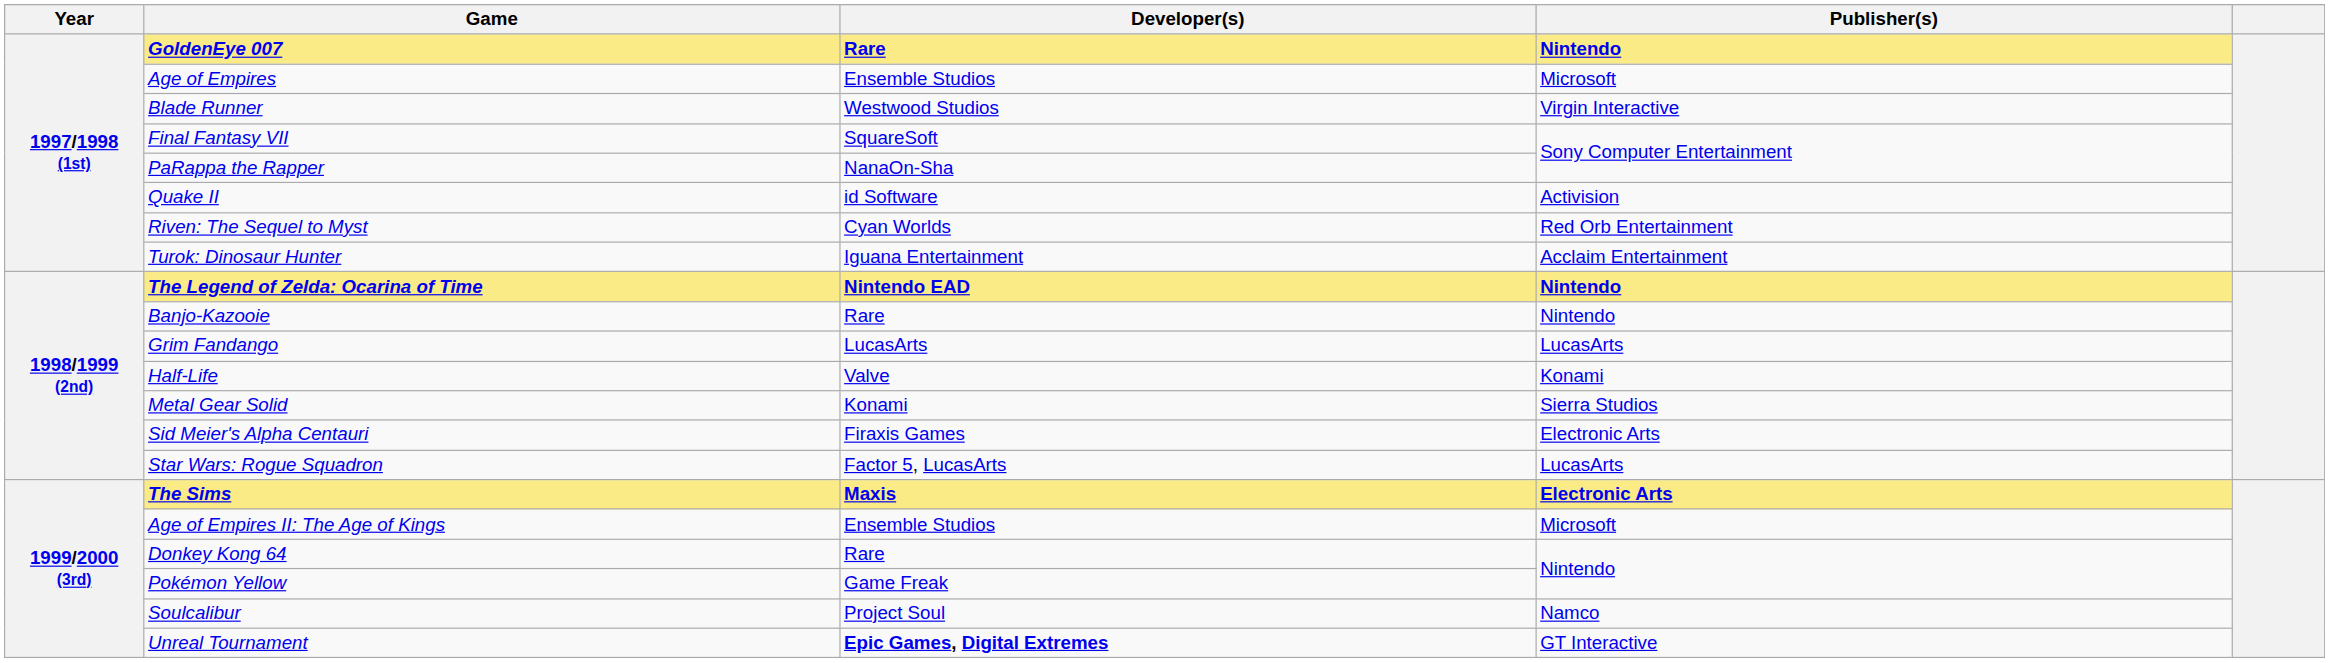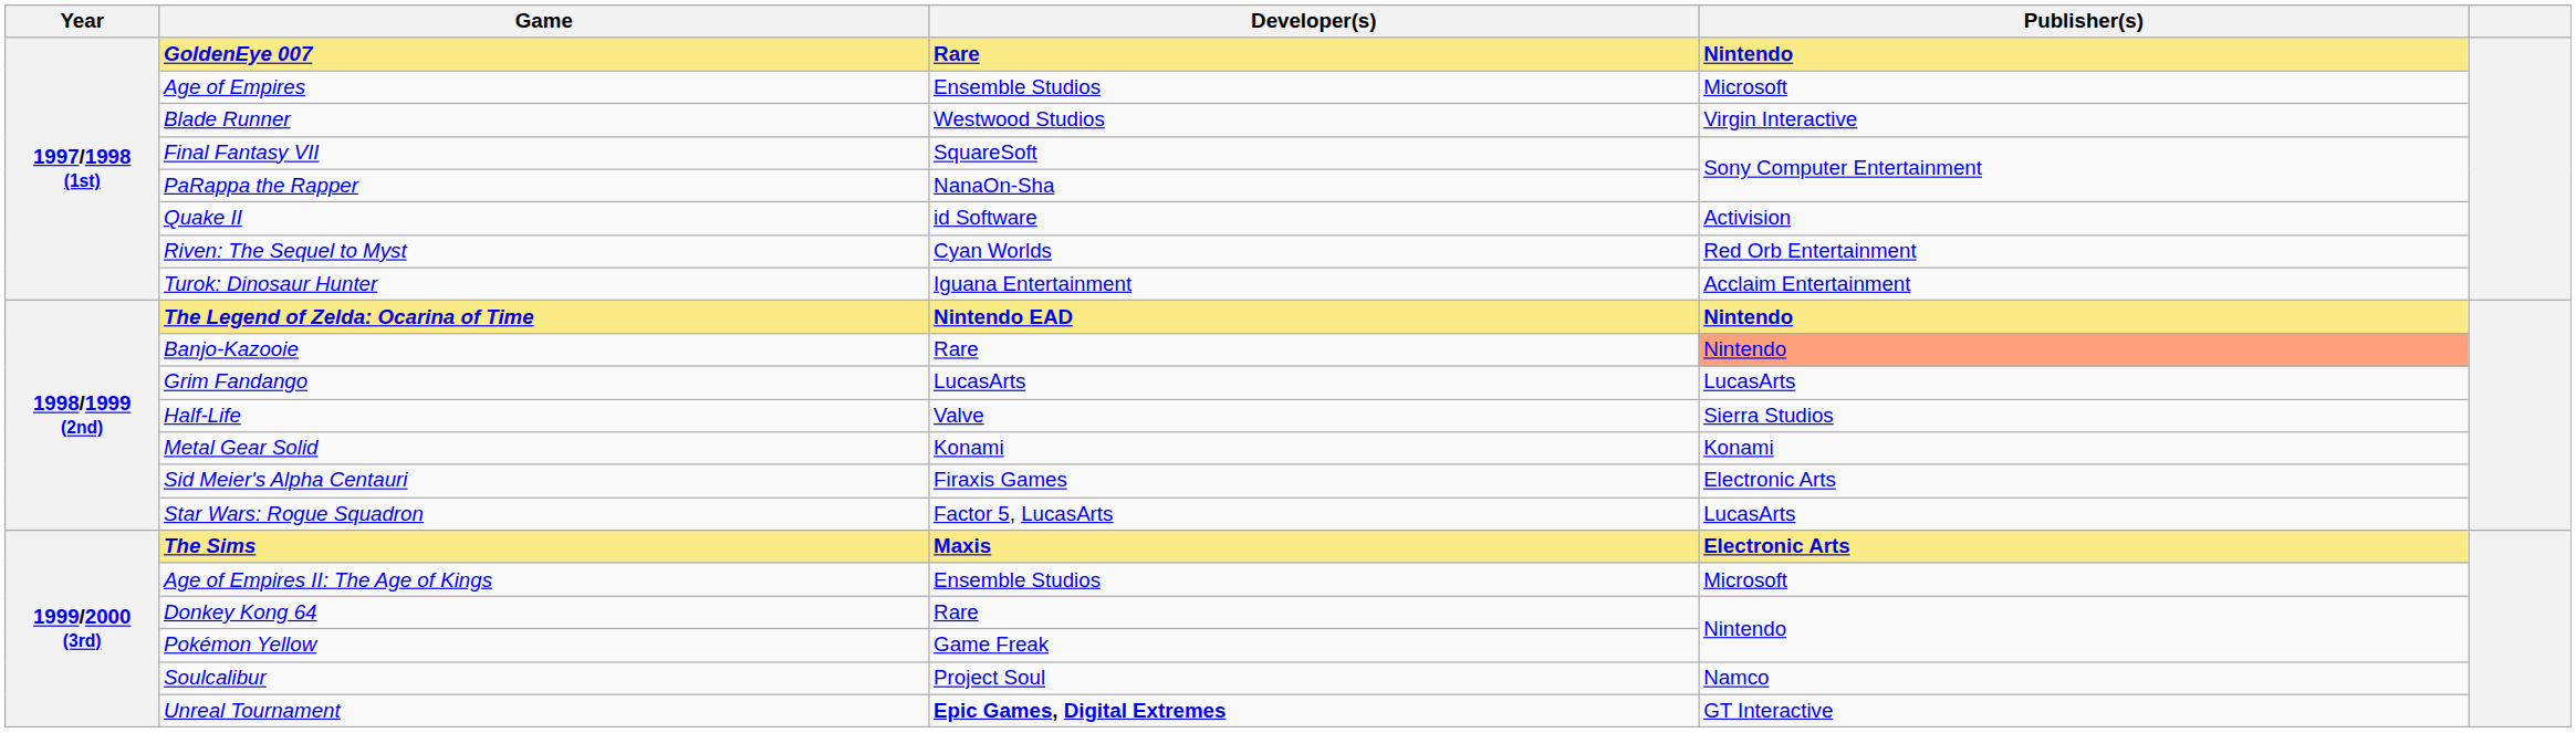 <table class="wikitable sortable" rowspan=2 style="width:100%;;">
 <tr style="background:#bebebe;">
 <th scope="col" style="width:6%;">Year</th>
 <th scope="col" style="width:30%;">Game</th>
 <th scope="col" style="width:30%;">Developer(s)</th>
 <th scope="col" style="width:30%;">Publisher(s)</th>
 <th scope="col" style="width:4%;" class="unsortable"></th>
 </tr>
 <tr>
 <th scope="row" rowspan="8" style="text-align:center"><a href='#'>1997</a>/<a href='#'>1998</a> <br><small><a href='#'>(1st)</a> </small></th>
 <td style="background:#FAEB86"><strong><em><a href='#'>GoldenEye 007</a></em></strong></td>
 <td style="background:#FAEB86"><strong><a href='#'>Rare</a></strong></td>
 <td style="background:#FAEB86"><strong><a href='#'>Nintendo</a></strong></td>
 <th scope="row" rowspan="8" style="text-align;center;"><br></th>
 </tr>
 <tr>
 <td><em><a href='#'>Age of Empires</a></em></td>
 <td><a href='#'>Ensemble Studios</a></td>
 <td><a href='#'>Microsoft</a></td>
 </tr>
 <tr>
 <td><em><a href='#'>Blade Runner</a></em></td>
 <td><a href='#'>Westwood Studios</a></td>
 <td><a href='#'>Virgin Interactive</a></td>
 </tr>
 <tr>
 <td><em><a href='#'>Final Fantasy VII</a></em></td>
 <td><a href='#'>SquareSoft</a></td>
 <td rowspan="2"><a href='#'>Sony Computer Entertainment</a></td>
 </tr>
 <tr>
 <td><em><a href='#'>PaRappa the Rapper</a></em></td>
 <td><a href='#'>NanaOn-Sha</a></td>
 </tr>
 <tr>
 <td><em><a href='#'>Quake II</a></em></td>
 <td><a href='#'>id Software</a></td>
 <td><a href='#'>Activision</a></td>
 </tr>
 <tr>
 <td><em><a href='#'>Riven: The Sequel to Myst</a></em></td>
 <td><a href='#'>Cyan Worlds</a></td>
 <td><a href='#'>Red Orb Entertainment</a></td>
 </tr>
 <tr>
 <td><em><a href='#'>Turok: Dinosaur Hunter</a></em></td>
 <td><a href='#'>Iguana Entertainment</a></td>
 <td><a href='#'>Acclaim Entertainment</a></td>
 </tr>
 <tr>
 <th scope="row" rowspan="7" style="text-align:center"><a href='#'>1998</a>/<a href='#'>1999</a> <br><small><a href='#'>(2nd)</a> </small></th>
 <td style="background:#FAEB86"><strong><em><a href='#'>The Legend of Zelda: Ocarina of Time</a></em></strong></td>
 <td style="background:#FAEB86"><strong><a href='#'>Nintendo EAD</a></strong></td>
 <td style="background:#FAEB86"><strong><a href='#'>Nintendo</a></strong></td>
 <th scope="row" rowspan="7" style="text-align;center;"></th>
 </tr>
 <tr>
 <td><em><a href='#'>Banjo-Kazooie</a></em></td>
 <td><a href='#'>Rare</a></td>
-<td><a href='#'>Nintendo</a></td>
+<td style="background: lightsalmon;"><a href='#'>Nintendo</a></td>
 </tr>
 <tr>
 <td><em><a href='#'>Grim Fandango</a></em></td>
 <td><a href='#'>LucasArts</a></td>
 <td><a href='#'>LucasArts</a></td>
 </tr>
 <tr>
 <td><em><a href='#'>Half-Life</a></em></td>
 <td><a href='#'>Valve</a></td>
-<td><a href='#'>Konami</a></td>
+<td><a href='#'>Sierra Studios</a></td>
 </tr>
 <tr>
 <td><em><a href='#'>Metal Gear Solid</a></em></td>
 <td><a href='#'>Konami</a></td>
-<td><a href='#'>Sierra Studios</a></td>
+<td><a href='#'>Konami</a></td>
 </tr>
 <tr>
 <td><em><a href='#'>Sid Meier's Alpha Centauri</a></em></td>
 <td><a href='#'>Firaxis Games</a></td>
 <td><a href='#'>Electronic Arts</a></td>
 </tr>
 <tr>
 <td><em><a href='#'>Star Wars: Rogue Squadron</a></em></td>
 <td><a href='#'>Factor 5</a>, <a href='#'>LucasArts</a></td>
 <td><a href='#'>LucasArts</a></td>
 </tr>
 <tr>
 <th scope="row" rowspan="6" style="text-align:center"><a href='#'>1999</a>/<a href='#'>2000</a> <br><small><a href='#'>(3rd)</a> </small></th>
 <td style="background:#FAEB86"><strong><em><a href='#'>The Sims</a></em></strong></td>
 <td style="background:#FAEB86"><strong><a href='#'>Maxis</a></strong></td>
 <td style="background:#FAEB86"><strong><a href='#'>Electronic Arts</a></strong></td>
 <th scope="row" rowspan="6" style="text-align;center;"></th>
 </tr>
 <tr>
 <td><em><a href='#'>Age of Empires II: The Age of Kings</a></em></td>
 <td><a href='#'>Ensemble Studios</a></td>
 <td><a href='#'>Microsoft</a></td>
 </tr>
 <tr>
 <td><em><a href='#'>Donkey Kong 64</a></em></td>
 <td><a href='#'>Rare</a></td>
 <td rowspan="2"><a href='#'>Nintendo</a></td>
 </tr>
 <tr>
 <td><em><a href='#'>Pokémon Yellow</a></em></td>
 <td><a href='#'>Game Freak</a></td>
 </tr>
 <tr>
 <td><em><a href='#'>Soulcalibur</a></em></td>
 <td><a href='#'>Project Soul</a></td>
 <td><a href='#'>Namco</a></td>
 </tr>
 <tr>
 <td><em><a href='#'>Unreal Tournament</a></em></td>
 <td><strong><a href='#'>Epic Games</a>, <a href='#'>Digital Extremes</a></strong></td>
 <td><a href='#'>GT Interactive</a></td>
 </tr>
 </table>
